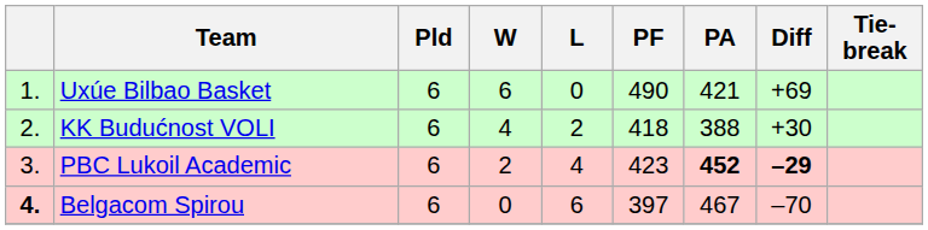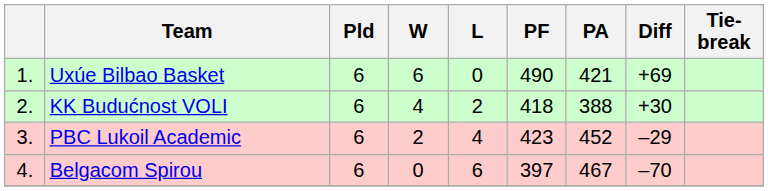 <table class="wikitable" style="text-align:center">
 <tr>
 <th width=25></th>
 <th width=220>Team</th>
 <th width=40>Pld</th>
 <th width=40>W</th>
 <th width=40>L</th>
 <th width=40>PF</th>
 <th width=40>PA</th>
 <th width=40>Diff</th>
 <th>Tie-break</th>
 </tr>
 <tr style="background:#ccffcc;">
 <td>1.</td>
 <td align=left> <a href='#'>Uxúe Bilbao Basket</a></td>
 <td>6</td>
 <td>6</td>
 <td>0</td>
 <td>490</td>
 <td>421</td>
 <td>+69</td>
 <td></td>
 </tr>
 <tr style="background:#ccffcc;">
 <td>2.</td>
 <td align=left> <a href='#'>KK Budućnost VOLI</a></td>
 <td>6</td>
 <td>4</td>
 <td>2</td>
 <td>418</td>
 <td>388</td>
 <td>+30</td>
 <td></td>
 </tr>
 <tr style="background:#ffcccc;">
 <td>3.</td>
 <td align=left> <a href='#'>PBC Lukoil Academic</a></td>
 <td>6</td>
 <td>2</td>
 <td>4</td>
 <td>423</td>
-<td><strong>452</strong></td>
-<td><strong>–29</strong></td>
+<td>452</td>
+<td>–29</td>
 <td></td>
 </tr>
 <tr style="background:#ffcccc;">
-<td><strong>4.</strong></td>
+<td>4.</td>
 <td align=left> <a href='#'>Belgacom Spirou</a></td>
 <td>6</td>
 <td>0</td>
 <td>6</td>
 <td>397</td>
 <td>467</td>
 <td>–70</td>
 <td></td>
 </tr>
 <tr>
 </tr>
 </table>
